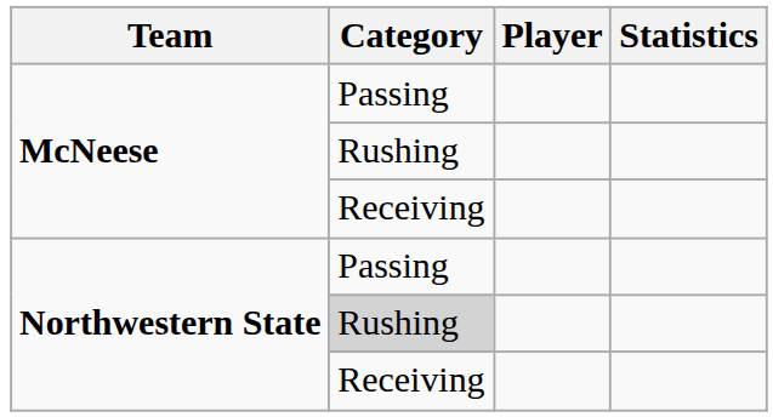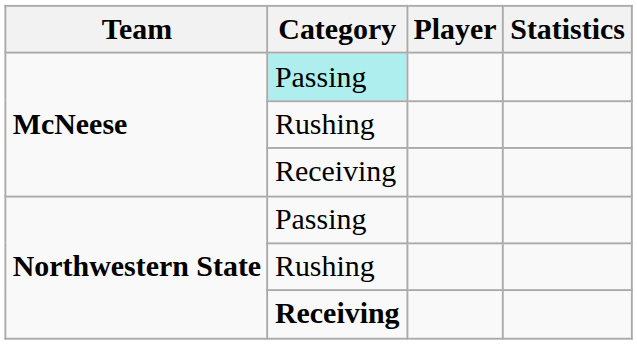 <table class="wikitable" style="float: right;">
 <tr>
 <th>Team</th>
 <th>Category</th>
 <th>Player</th>
 <th>Statistics</th>
 </tr>
 <tr>
 <td rowspan=3><strong>McNeese</strong></td>
-<td>Passing</td>
+<td style="background: paleturquoise;">Passing</td>
 <td></td>
 <td></td>
 </tr>
 <tr>
 <td>Rushing</td>
 <td></td>
 <td></td>
 </tr>
 <tr>
 <td>Receiving</td>
 <td></td>
 <td></td>
 </tr>
 <tr>
 <td rowspan=3><strong>Northwestern State</strong></td>
 <td>Passing</td>
 <td></td>
 <td></td>
 </tr>
 <tr>
-<td style="background: lightgrey;">Rushing</td>
+<td>Rushing</td>
 <td></td>
 <td></td>
 </tr>
 <tr>
-<td>Receiving</td>
+<td><strong>Receiving</strong></td>
 <td></td>
 <td></td>
 </tr>
 </table>
